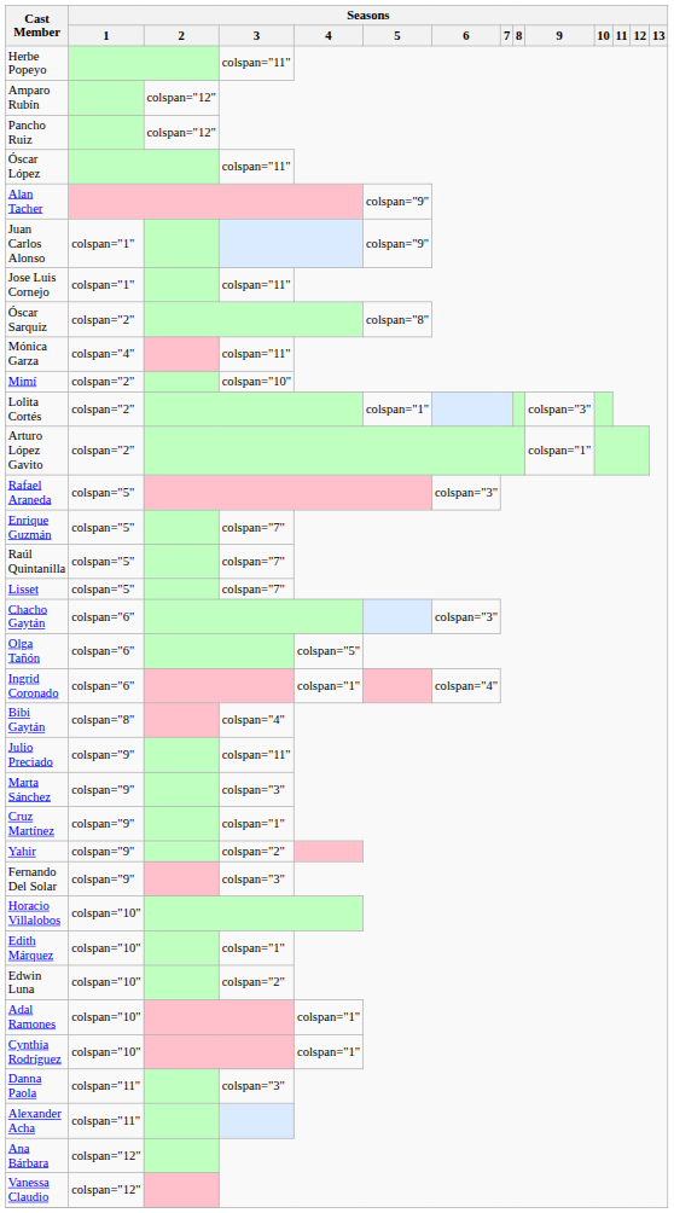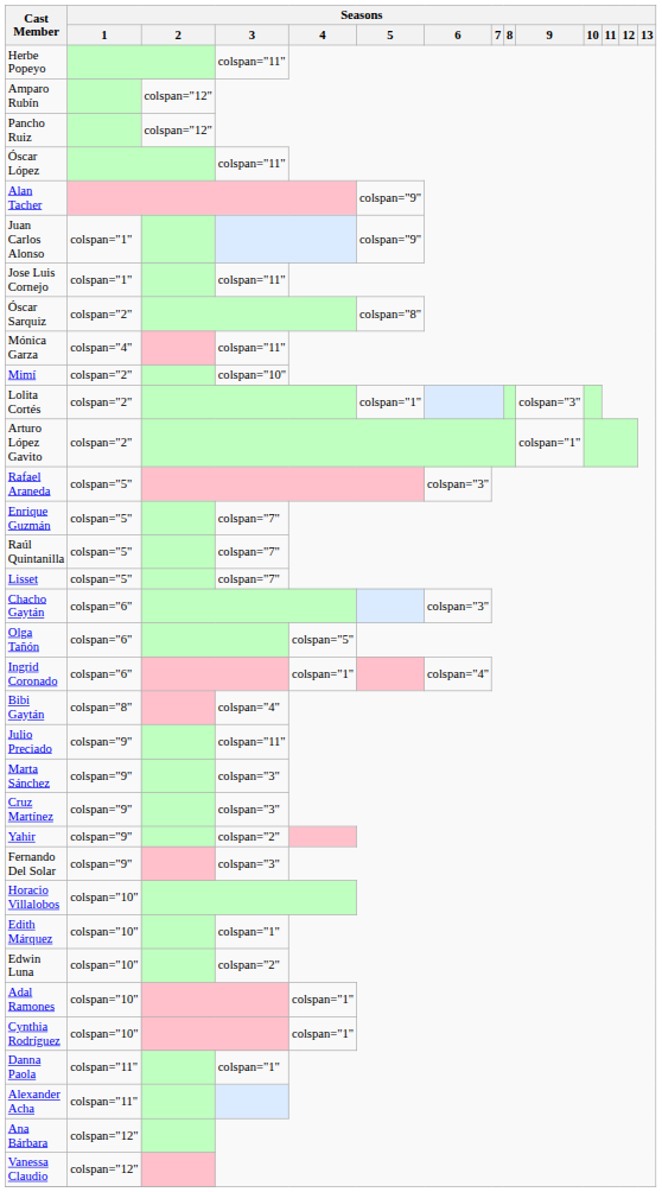 <table class="wikitable nowrap" width="50%">
 <tr>
 <th rowspan="2">Cast Member</th>
 <th colspan="13">Seasons</th>
 </tr>
 <tr>
 <th width="80">1</th>
 <th width="80">2</th>
 <th width="80">3</th>
 <th width="80">4</th>
 <th width="80">5</th>
 <th width="80">6</th>
 <th width="80">7</th>
 <th width="80">8</th>
 <th width="80">9</th>
 <th width="80">10</th>
 <th width="80">11</th>
 <th width="80">12</th>
 <th width="80">13</th>
 </tr>
 <tr>
 <td>Herbe Popeyo</td>
 <td colspan="2" bgcolor="#BFFFC0"></td>
 <td>colspan="11" </td>
 </tr>
 <tr>
 <td>Amparo Rubín</td>
 <td colspan="1" bgcolor="#BFFFC0"></td>
 <td>colspan="12" </td>
 </tr>
 <tr>
 <td>Pancho Ruiz</td>
 <td colspan="1" bgcolor="#BFFFC0"></td>
 <td>colspan="12" </td>
 </tr>
 <tr>
 <td>Óscar López</td>
 <td colspan="2" bgcolor="#BFFFC0"></td>
 <td>colspan="11" </td>
 </tr>
 <tr>
 <td><a href='#'>Alan Tacher</a></td>
 <td colspan="4" bgcolor="pink"></td>
 <td>colspan="9" </td>
 </tr>
 <tr>
 <td>Juan Carlos Alonso</td>
 <td>colspan="1" </td>
 <td colspan="1" bgcolor="#BFFFC0"></td>
 <td colspan="2" bgcolor="#DAEBFF"></td>
 <td>colspan="9" </td>
 </tr>
 <tr>
 <td>Jose Luis Cornejo</td>
 <td>colspan="1" </td>
 <td colspan="1" bgcolor="#BFFFC0"></td>
 <td>colspan="11" </td>
 </tr>
 <tr>
 <td>Óscar Sarquiz</td>
 <td>colspan="2" </td>
 <td colspan="3" bgcolor="#BFFFC0"></td>
 <td>colspan="8" </td>
 </tr>
 <tr>
 <td>Mónica Garza</td>
 <td>colspan="4" </td>
 <td colspan="1" bgcolor="pink"></td>
 <td>colspan="11" </td>
 </tr>
 <tr>
 <td><a href='#'>Mimí</a></td>
 <td>colspan="2" </td>
 <td colspan="1" bgcolor="#BFFFC0"></td>
 <td>colspan="10" </td>
 </tr>
 <tr>
 <td>Lolita Cortés</td>
 <td>colspan="2" </td>
 <td colspan="3" bgcolor="#BFFFC0"></td>
 <td>colspan="1" </td>
 <td colspan="2" bgcolor="#DAEBFF"></td>
 <td colspan="1" bgcolor="#BFFFC0"></td>
 <td>colspan="3" </td>
 <td colspan="1" bgcolor="#BFFFC0"></td>
 </tr>
 <tr>
 <td>Arturo López Gavito</td>
 <td>colspan="2" </td>
 <td colspan="7" bgcolor="#BFFFC0"></td>
 <td>colspan="1" </td>
 <td colspan="3" bgcolor="#BFFFC0"></td>
 </tr>
 <tr>
 <td><a href='#'>Rafael Araneda</a></td>
 <td>colspan="5" </td>
 <td colspan="4" bgcolor="pink"></td>
 <td>colspan="3" </td>
 </tr>
 <tr>
 <td><a href='#'>Enrique Guzmán</a></td>
 <td>colspan="5" </td>
 <td colspan="1" bgcolor="#BFFFC0"></td>
 <td>colspan="7" </td>
 </tr>
 <tr>
 <td>Raúl Quintanilla</td>
 <td>colspan="5" </td>
 <td colspan="1" bgcolor="#BFFFC0"></td>
 <td>colspan="7" </td>
 </tr>
 <tr>
 <td><a href='#'>Lisset</a></td>
 <td>colspan="5" </td>
 <td colspan="1" bgcolor="#BFFFC0"></td>
 <td>colspan="7" </td>
 </tr>
 <tr>
 <td><a href='#'>Chacho Gaytán</a></td>
 <td>colspan="6" </td>
 <td colspan="3" bgcolor="#BFFFC0"></td>
 <td colspan="1" bgcolor="#DAEBFF"></td>
 <td>colspan="3" </td>
 </tr>
 <tr>
 <td><a href='#'>Olga Tañón</a></td>
 <td>colspan="6" </td>
 <td colspan="2" bgcolor="#BFFFC0"></td>
 <td>colspan="5" </td>
 </tr>
 <tr>
 <td><a href='#'>Ingrid Coronado</a></td>
 <td>colspan="6" </td>
 <td colspan="2" bgcolor="pink"></td>
 <td>colspan="1" </td>
 <td colspan="1" bgcolor="pink"></td>
 <td>colspan="4" </td>
 </tr>
 <tr>
 <td><a href='#'>Bibi Gaytán</a></td>
 <td>colspan="8" </td>
 <td colspan="1" bgcolor="pink"></td>
 <td>colspan="4" </td>
 </tr>
 <tr>
 <td><a href='#'>Julio Preciado</a></td>
 <td>colspan="9" </td>
 <td colspan="1" bgcolor="#BFFFC0"></td>
 <td>colspan="11" </td>
 </tr>
 <tr>
 <td><a href='#'>Marta Sánchez</a></td>
 <td>colspan="9" </td>
 <td colspan="1" bgcolor="#BFFFC0"></td>
 <td>colspan="3" </td>
 </tr>
 <tr>
 <td><a href='#'>Cruz Martínez</a></td>
 <td>colspan="9" </td>
 <td colspan="1" bgcolor="#BFFFC0"></td>
-<td>colspan="1" </td>
+<td>colspan="3" </td>
 </tr>
 <tr>
 <td><a href='#'>Yahir</a></td>
 <td>colspan="9" </td>
 <td colspan="1" bgcolor="#BFFFC0"></td>
 <td>colspan="2" </td>
 <td colspan="1" bgcolor="pink"></td>
 </tr>
 <tr>
 <td>Fernando Del Solar</td>
 <td>colspan="9" </td>
 <td colspan="1" bgcolor="pink"></td>
 <td>colspan="3" </td>
 </tr>
 <tr>
 <td><a href='#'>Horacio Villalobos</a></td>
 <td>colspan="10" </td>
 <td colspan="3" bgcolor="#BFFFC0"></td>
 </tr>
 <tr>
 <td><a href='#'>Edith Márquez</a></td>
 <td>colspan="10" </td>
 <td colspan="1" bgcolor="#BFFFC0"></td>
 <td>colspan="1" </td>
 </tr>
 <tr>
 <td>Edwin Luna</td>
 <td>colspan="10" </td>
 <td colspan="1" bgcolor="#BFFFC0"></td>
 <td>colspan="2" </td>
 </tr>
 <tr>
 <td><a href='#'>Adal Ramones</a></td>
 <td>colspan="10" </td>
 <td colspan="2" bgcolor="pink"></td>
 <td>colspan="1" </td>
 </tr>
 <tr>
 <td><a href='#'>Cynthia Rodríguez</a></td>
 <td>colspan="10" </td>
 <td colspan="2" bgcolor="pink"></td>
 <td>colspan="1" </td>
 </tr>
 <tr>
 <td><a href='#'>Danna Paola</a></td>
 <td>colspan="11" </td>
 <td colspan="1" bgcolor="#BFFFC0"></td>
-<td>colspan="3" </td>
+<td>colspan="1" </td>
 </tr>
 <tr>
 <td><a href='#'>Alexander Acha</a></td>
 <td>colspan="11" </td>
 <td colspan="1" bgcolor="#BFFFC0"></td>
 <td colspan="1" bgcolor="#DAEBFF"></td>
 </tr>
 <tr>
 <td><a href='#'>Ana Bárbara</a></td>
 <td>colspan="12" </td>
 <td colspan="1" bgcolor="#BFFFC0"></td>
 </tr>
 <tr>
 <td><a href='#'>Vanessa Claudio</a></td>
 <td>colspan="12" </td>
 <td colspan="1" bgcolor="pink"></td>
 </tr>
 <tr>
 </tr>
 </table>
